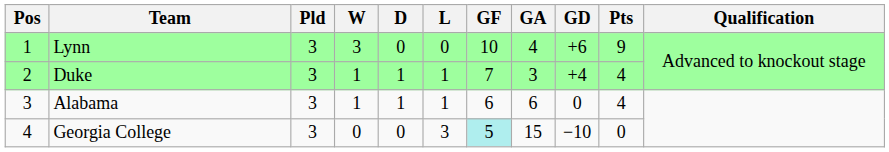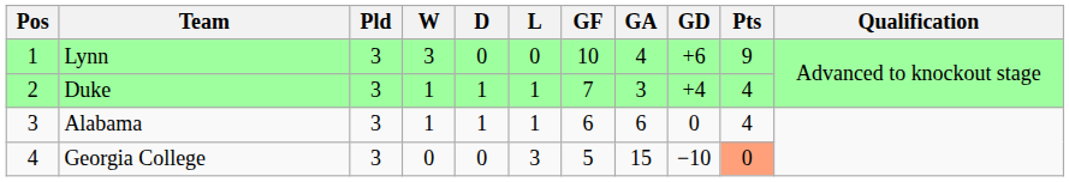 <table class="wikitable" style="text-align:center; margin: 1em auto">
 <tr>
 <th style="width:2em">Pos</th>
 <th style="width:13em">Team</th>
 <th style="width:2em">Pld</th>
 <th style="width:2em">W</th>
 <th style="width:2em">D</th>
 <th style="width:2em">L</th>
 <th style="width:2em">GF</th>
 <th style="width:2em">GA</th>
 <th style="width:2em">GD</th>
 <th style="width:2em">Pts</th>
 <th style="width:13em">Qualification</th>
 </tr>
 <tr bgcolor="#9eff9e">
 <td>1</td>
 <td style="text-align:left">Lynn</td>
 <td>3</td>
 <td>3</td>
 <td>0</td>
 <td>0</td>
 <td>10</td>
 <td>4</td>
 <td>+6</td>
 <td>9</td>
 <td rowspan="2">Advanced to knockout stage</td>
 </tr>
 <tr bgcolor="#9eff9e">
 <td>2</td>
 <td style="text-align:left">Duke</td>
 <td>3</td>
 <td>1</td>
 <td>1</td>
 <td>1</td>
 <td>7</td>
 <td>3</td>
 <td>+4</td>
 <td>4</td>
 </tr>
 <tr>
 <td>3</td>
 <td style="text-align:left">Alabama</td>
 <td>3</td>
 <td>1</td>
 <td>1</td>
 <td>1</td>
 <td>6</td>
 <td>6</td>
 <td>0</td>
 <td>4</td>
 <td rowspan="2"></td>
 </tr>
 <tr>
 <td>4</td>
 <td style="text-align:left">Georgia College</td>
 <td>3</td>
 <td>0</td>
 <td>0</td>
 <td>3</td>
-<td style="background: paleturquoise;">5</td>
+<td>5</td>
 <td>15</td>
 <td>−10</td>
-<td>0</td>
+<td style="background: lightsalmon;">0</td>
 </tr>
 </table>
